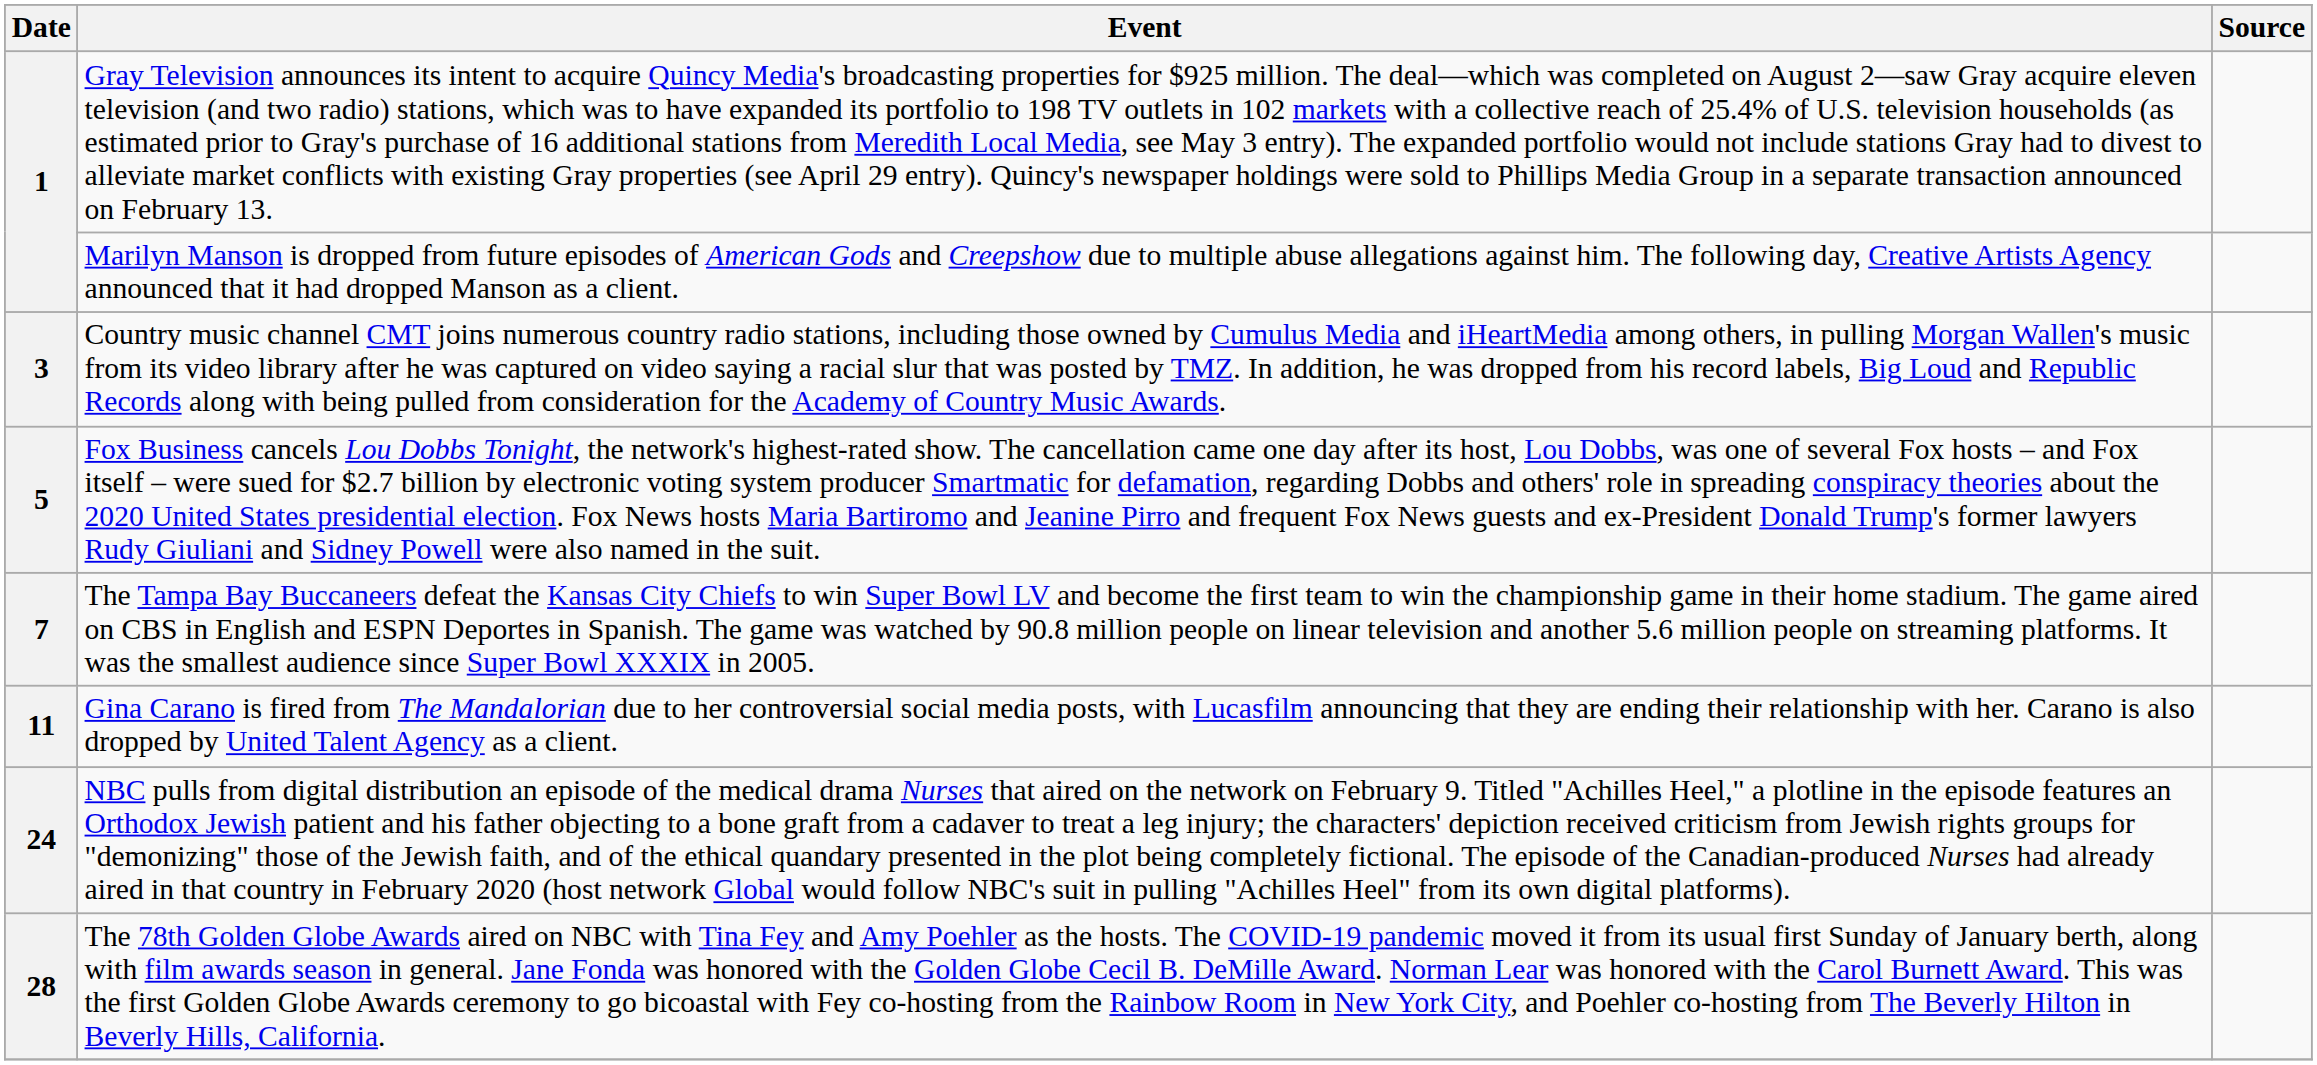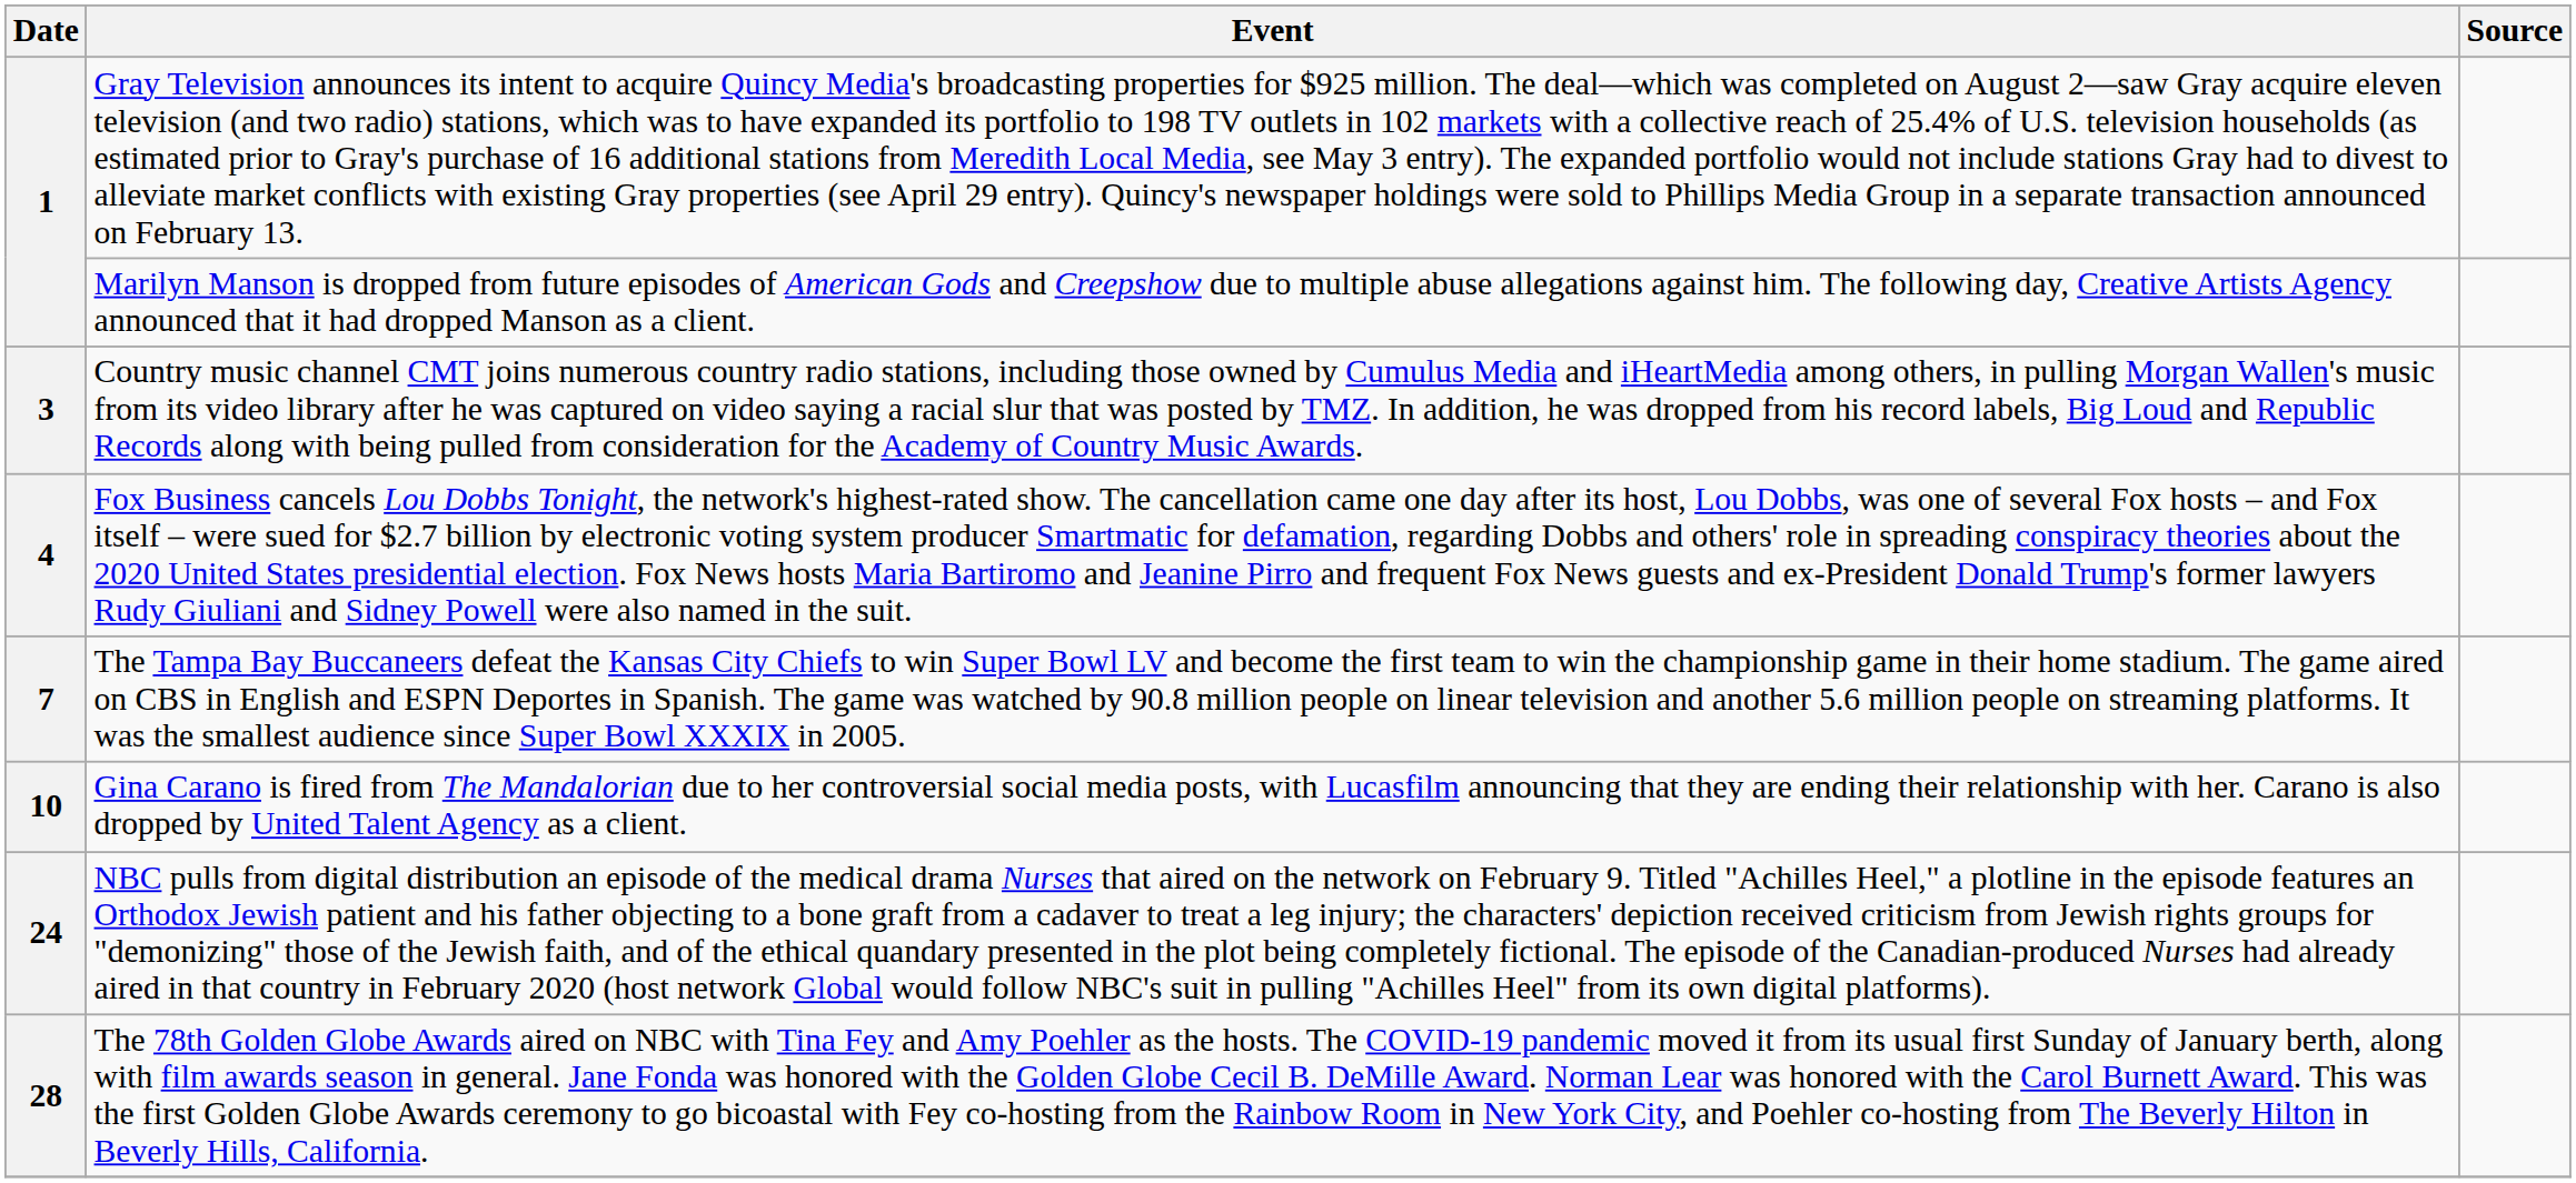 <table class=wikitable>
 <tr>
 <th>Date</th>
 <th>Event</th>
 <th>Source</th>
 </tr>
 <tr>
 <th rowspan=2>1</th>
 <td><a href='#'>Gray Television</a> announces its intent to acquire <a href='#'>Quincy Media</a>'s broadcasting properties for $925 million. The deal—which was completed on August 2—saw Gray acquire eleven television (and two radio) stations, which was to have expanded its portfolio to 198 TV outlets in 102 <a href='#'>markets</a> with a collective reach of 25.4% of U.S. television households (as estimated prior to Gray's purchase of 16 additional stations from <a href='#'>Meredith Local Media</a>, see May 3 entry). The expanded portfolio would not include stations Gray had to divest to alleviate market conflicts with existing Gray properties (see April 29 entry). Quincy's newspaper holdings were sold to Phillips Media Group in a separate transaction announced on February 13.</td>
 <td><br></td>
 </tr>
 <tr>
 <td><a href='#'>Marilyn Manson</a> is dropped from future episodes of <em><a href='#'>American Gods</a></em> and <em><a href='#'>Creepshow</a></em> due to multiple abuse allegations against him. The following day, <a href='#'>Creative Artists Agency</a> announced that it had dropped Manson as a client.</td>
 <td></td>
 </tr>
 <tr>
 <th>3</th>
 <td>Country music channel <a href='#'>CMT</a> joins numerous country radio stations, including those owned by <a href='#'>Cumulus Media</a> and <a href='#'>iHeartMedia</a> among others, in pulling <a href='#'>Morgan Wallen</a>'s music from its video library after he was captured on video saying a racial slur that was posted by <a href='#'>TMZ</a>. In addition, he was dropped from his record labels, <a href='#'>Big Loud</a> and <a href='#'>Republic Records</a> along with being pulled from consideration for the <a href='#'>Academy of Country Music Awards</a>.</td>
 <td></td>
 </tr>
 <tr>
-<th>5</th>
+<th>4</th>
 <td><a href='#'>Fox Business</a> cancels <em><a href='#'>Lou Dobbs Tonight</a></em>, the network's highest-rated show. The cancellation came one day after its host, <a href='#'>Lou Dobbs</a>, was one of several Fox hosts – and Fox itself – were sued for $2.7 billion by electronic voting system producer <a href='#'>Smartmatic</a> for <a href='#'>defamation</a>, regarding Dobbs and others' role in spreading <a href='#'>conspiracy theories</a> about the <a href='#'>2020 United States presidential election</a>. Fox News hosts <a href='#'>Maria Bartiromo</a> and <a href='#'>Jeanine Pirro</a> and frequent Fox News guests and ex-President <a href='#'>Donald Trump</a>'s former lawyers <a href='#'>Rudy Giuliani</a> and <a href='#'>Sidney Powell</a> were also named in the suit.</td>
 <td><br></td>
 </tr>
 <tr>
 <th>7</th>
 <td>The <a href='#'>Tampa Bay Buccaneers</a> defeat the <a href='#'>Kansas City Chiefs</a> to win <a href='#'>Super Bowl LV</a> and become the first team to win the championship game in their home stadium. The game aired on CBS in English and ESPN Deportes in Spanish. The game was watched by 90.8 million people on linear television and another 5.6 million people on streaming platforms. It was the smallest audience since <a href='#'>Super Bowl XXXIX</a> in 2005.</td>
 <td></td>
 </tr>
 <tr>
-<th>11</th>
+<th>10</th>
 <td><a href='#'>Gina Carano</a> is fired from <em><a href='#'>The Mandalorian</a></em> due to her controversial social media posts, with <a href='#'>Lucasfilm</a> announcing that they are ending their relationship with her. Carano is also dropped by <a href='#'>United Talent Agency</a> as a client.</td>
 <td></td>
 </tr>
 <tr>
 <th>24</th>
 <td><a href='#'>NBC</a> pulls from digital distribution an episode of the medical drama <em><a href='#'>Nurses</a></em> that aired on the network on February 9.  Titled "Achilles Heel," a plotline in the episode features an <a href='#'>Orthodox Jewish</a> patient and his father objecting to a bone graft from a cadaver to treat a leg injury; the characters' depiction received criticism from Jewish rights groups for "demonizing" those of the Jewish faith, and of the ethical quandary presented in the plot being completely fictional. The episode of the Canadian-produced <em>Nurses</em> had already aired in that country in February 2020 (host network <a href='#'>Global</a> would follow NBC's suit in pulling "Achilles Heel" from its own digital platforms).</td>
 <td></td>
 </tr>
 <tr>
 <th>28</th>
 <td>The <a href='#'>78th Golden Globe Awards</a> aired on NBC with <a href='#'>Tina Fey</a> and <a href='#'>Amy Poehler</a> as the hosts. The <a href='#'>COVID-19 pandemic</a> moved it from its usual first Sunday of January berth, along with <a href='#'>film awards season</a> in general. <a href='#'>Jane Fonda</a> was honored with the <a href='#'>Golden Globe Cecil B. DeMille Award</a>. <a href='#'>Norman Lear</a> was honored with the <a href='#'>Carol Burnett Award</a>. This was the first Golden Globe Awards ceremony to go bicoastal with Fey co-hosting from the <a href='#'>Rainbow Room</a> in <a href='#'>New York City</a>, and Poehler co-hosting from <a href='#'>The Beverly Hilton</a> in <a href='#'>Beverly Hills, California</a>.</td>
 <td><br></td>
 </tr>
 <tr>
 </tr>
 </table>
